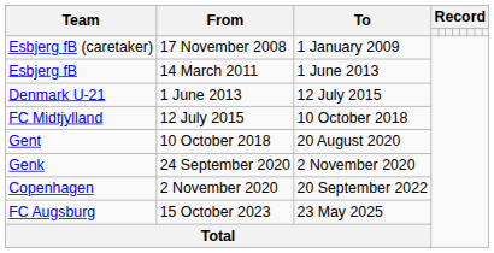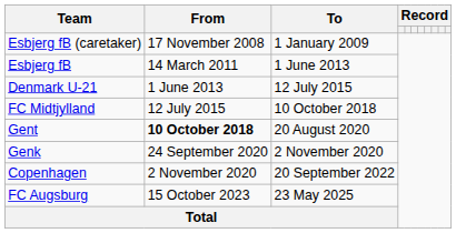 <table class="wikitable" style="text-align: center">
 <tr>
 <th rowspan="2">Team</th>
 <th rowspan="2">From</th>
 <th rowspan="2">To</th>
 <th colspan="8">Record</th>
 </tr>
 <tr>
 <th></th>
 <th></th>
 <th></th>
 <th></th>
 <th></th>
 <th></th>
 <th></th>
 <th></th>
 </tr>
 <tr>
 <td align=left><a href='#'>Esbjerg fB</a> (caretaker)</td>
 <td align=left>17 November 2008</td>
 <td align=left>1 January 2009<br></td>
 </tr>
 <tr>
 <td align=left><a href='#'>Esbjerg fB</a></td>
 <td align=left>14 March 2011</td>
 <td align=left>1 June 2013<br></td>
 </tr>
 <tr>
 <td align=left><a href='#'>Denmark U-21</a></td>
 <td align=left>1 June 2013</td>
 <td align=left>12 July 2015<br></td>
 </tr>
 <tr>
 <td align=left><a href='#'>FC Midtjylland</a></td>
 <td align=left>12 July 2015</td>
 <td align=left>10 October 2018<br></td>
 </tr>
 <tr>
 <td align=left><a href='#'>Gent</a></td>
-<td align=left>10 October 2018</td>
+<td align=left><strong>10 October 2018</strong></td>
 <td align=left>20 August 2020<br></td>
 </tr>
 <tr>
 <td align=left><a href='#'>Genk</a></td>
 <td align=left>24 September 2020</td>
 <td align=left>2 November 2020<br></td>
 </tr>
 <tr>
 <td align=left><a href='#'>Copenhagen</a></td>
 <td align=left>2 November 2020</td>
 <td align=left>20 September 2022<br></td>
 </tr>
 <tr>
 <td align=left><a href='#'>FC Augsburg</a></td>
 <td align=left>15 October 2023</td>
 <td align=left>23 May 2025<br></td>
 </tr>
 <tr>
 <th colspan="3">Total<br></th>
 </tr>
 </table>
